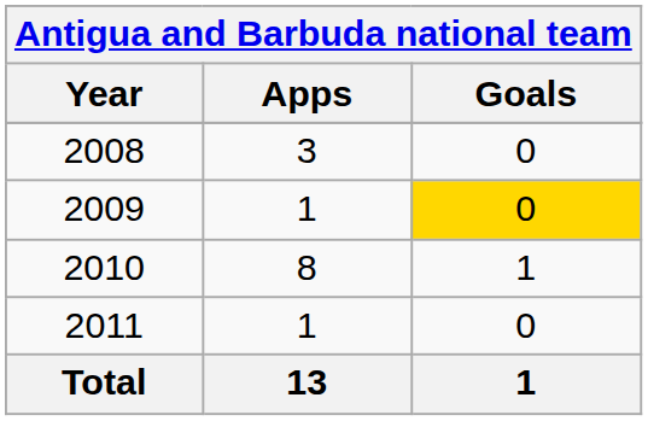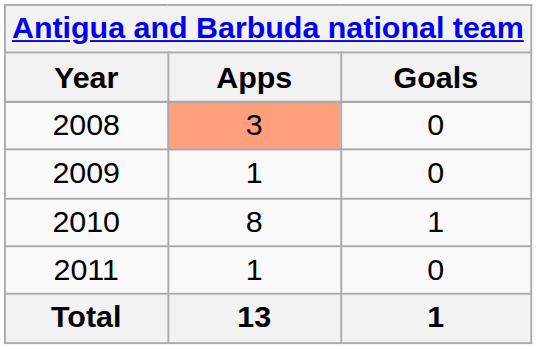 <table class="wikitable" style="text-align:center">
 <tr>
 <th colspan=3><a href='#'>Antigua and Barbuda national team</a></th>
 </tr>
 <tr>
 <th>Year</th>
 <th>Apps</th>
 <th>Goals</th>
 </tr>
 <tr>
 </tr>
 <tr>
 <td>2008</td>
-<td>3</td>
+<td style="background: lightsalmon;">3</td>
 <td>0</td>
 </tr>
 <tr>
 <td>2009</td>
 <td>1</td>
-<td style="background: gold;">0</td>
+<td>0</td>
 </tr>
 <tr>
 <td>2010</td>
 <td>8</td>
 <td>1</td>
 </tr>
 <tr>
 <td>2011</td>
 <td>1</td>
 <td>0</td>
 </tr>
 <tr>
 <th>Total</th>
 <th>13</th>
 <th>1</th>
 </tr>
 </table>
